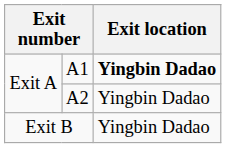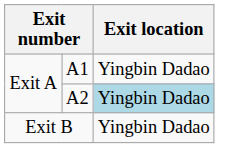 <table class="wikitable">
 <tr>
 <th style="width:70px" colspan="2">Exit number</th>
 <th>Exit location</th>
 </tr>
 <tr>
 <td align="center" rowspan="2">Exit A</td>
 <td>A1</td>
-<td><strong>Yingbin Dadao</strong></td>
+<td>Yingbin Dadao</td>
 </tr>
 <tr>
 <td>A2</td>
-<td>Yingbin Dadao</td>
+<td style="background: lightblue;">Yingbin Dadao</td>
 </tr>
 <tr>
 <td align="center" colspan="2">Exit B</td>
 <td>Yingbin Dadao</td>
 </tr>
 </table>
